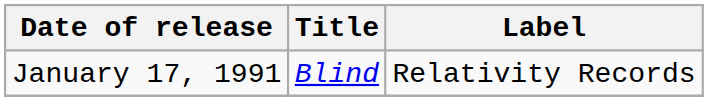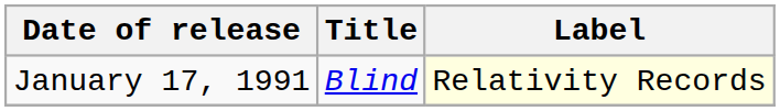 <table class="wikitable">
 <tr>
 <th>Date of release</th>
 <th>Title</th>
 <th>Label</th>
 </tr>
 <tr>
 <td>January 17, 1991</td>
 <td><em><a href='#'>Blind</a></em></td>
-<td>Relativity Records</td>
+<td style="background: lightyellow;">Relativity Records</td>
 </tr>
 <tr>
 </tr>
 </table>
